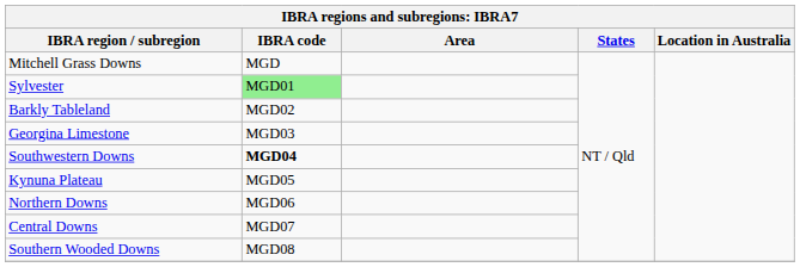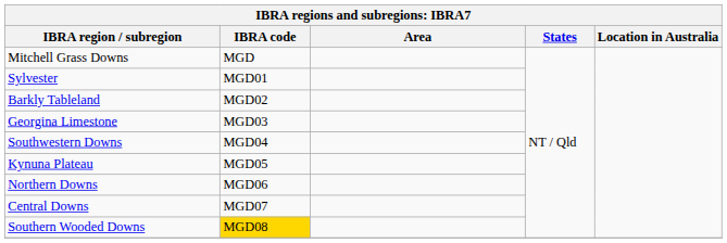 <table class="wikitable sortable">
 <tr>
 <th rowwidth=100px colspan=5>IBRA regions and subregions: IBRA7</th>
 </tr>
 <tr>
 <th scope="col" width="250px">IBRA region / subregion</th>
 <th scope="col" width="100px">IBRA code</th>
 <th scope="col" width="250px">Area</th>
 <th scope="col" width="75px"><a href='#'>States</a></th>
 <th>Location in Australia</th>
 </tr>
 <tr>
 <td>Mitchell Grass Downs</td>
 <td>MGD</td>
 <td></td>
 <td rowspan=9>NT / Qld</td>
 <td rowspan=9></td>
 </tr>
 <tr>
 <td><a href='#'>Sylvester</a></td>
-<td style="background: lightgreen;">MGD01</td>
+<td>MGD01</td>
 <td></td>
 </tr>
 <tr>
 <td><a href='#'>Barkly Tableland</a></td>
 <td>MGD02</td>
 <td></td>
 </tr>
 <tr>
 <td><a href='#'>Georgina Limestone</a></td>
 <td>MGD03</td>
 <td></td>
 </tr>
 <tr>
 <td><a href='#'>Southwestern Downs</a></td>
-<td><strong>MGD04</strong></td>
+<td>MGD04</td>
 <td></td>
 </tr>
 <tr>
 <td><a href='#'>Kynuna Plateau</a></td>
 <td>MGD05</td>
 <td></td>
 </tr>
 <tr>
 <td><a href='#'>Northern Downs</a></td>
 <td>MGD06</td>
 <td></td>
 </tr>
 <tr>
 <td><a href='#'>Central Downs</a></td>
 <td>MGD07</td>
 <td></td>
 </tr>
 <tr>
 <td><a href='#'>Southern Wooded Downs</a></td>
-<td>MGD08</td>
+<td style="background: gold;">MGD08</td>
 <td></td>
 </tr>
 <tr>
 </tr>
 </table>
